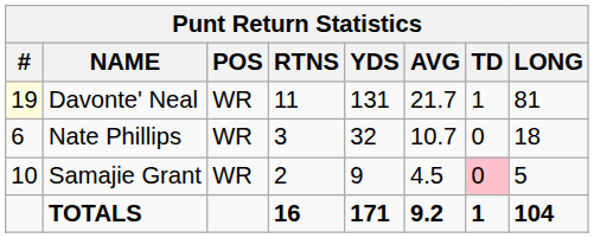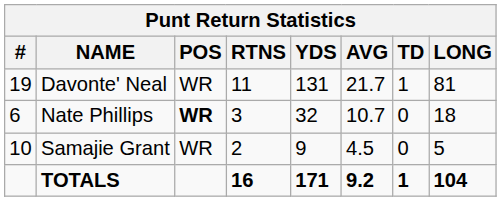 <table class="wikitable sortable collapsible collapsed">
 <tr>
 <th colspan="8">Punt Return Statistics</th>
 </tr>
 <tr>
 <th>#</th>
 <th>NAME</th>
 <th>POS</th>
 <th>RTNS</th>
 <th>YDS</th>
 <th>AVG</th>
 <th>TD</th>
 <th>LONG</th>
 </tr>
 <tr>
-<td style="background: lightyellow;">19</td>
+<td>19</td>
 <td>Davonte' Neal</td>
 <td>WR</td>
 <td>11</td>
 <td>131</td>
 <td>21.7</td>
 <td>1</td>
 <td>81</td>
 </tr>
 <tr>
 <td>6</td>
 <td>Nate Phillips</td>
-<td>WR</td>
+<td><strong>WR</strong></td>
 <td>3</td>
 <td>32</td>
 <td>10.7</td>
 <td>0</td>
 <td>18</td>
 </tr>
 <tr>
 <td>10</td>
 <td>Samajie Grant</td>
 <td>WR</td>
 <td>2</td>
 <td>9</td>
 <td>4.5</td>
-<td style="background: pink;">0</td>
+<td>0</td>
 <td>5</td>
 </tr>
 <tr>
 <td></td>
 <td><strong>TOTALS</strong></td>
 <td></td>
 <td><strong>16</strong></td>
 <td><strong>171</strong></td>
 <td><strong>9.2</strong></td>
 <td><strong>1</strong></td>
 <td><strong>104</strong></td>
 </tr>
 </table>
